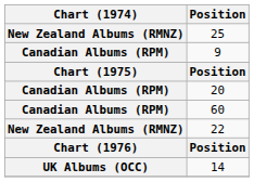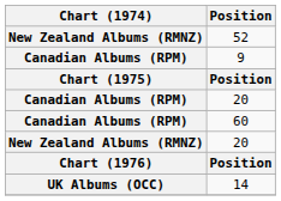 <table class="wikitable sortable plainrowheaders" style="text-align:center">
 <tr>
 <th scope="col">Chart (1974)</th>
 <th scope="col">Position</th>
 </tr>
 <tr>
 <th scope="row">New Zealand Albums (RMNZ)</th>
-<td>25</td>
+<td>52</td>
 </tr>
 <tr>
 <th scope="row">Canadian Albums (RPM)</th>
 <td>9</td>
 </tr>
 <tr>
 <th scope="col">Chart (1975)</th>
 <th scope="col">Position</th>
 </tr>
 <tr>
 <th scope="row">Canadian Albums (RPM)</th>
 <td>20</td>
 </tr>
 <tr>
 <th scope="row">Canadian Albums (RPM)</th>
 <td>60</td>
 </tr>
 <tr>
 <th scope="row">New Zealand Albums (RMNZ)</th>
-<td>22</td>
+<td>20</td>
 </tr>
 <tr>
 <th scope="col">Chart (1976)</th>
 <th scope="col">Position</th>
 </tr>
 <tr>
 <th scope="row">UK Albums (OCC)</th>
 <td>14</td>
 </tr>
 <tr>
 </tr>
 </table>
